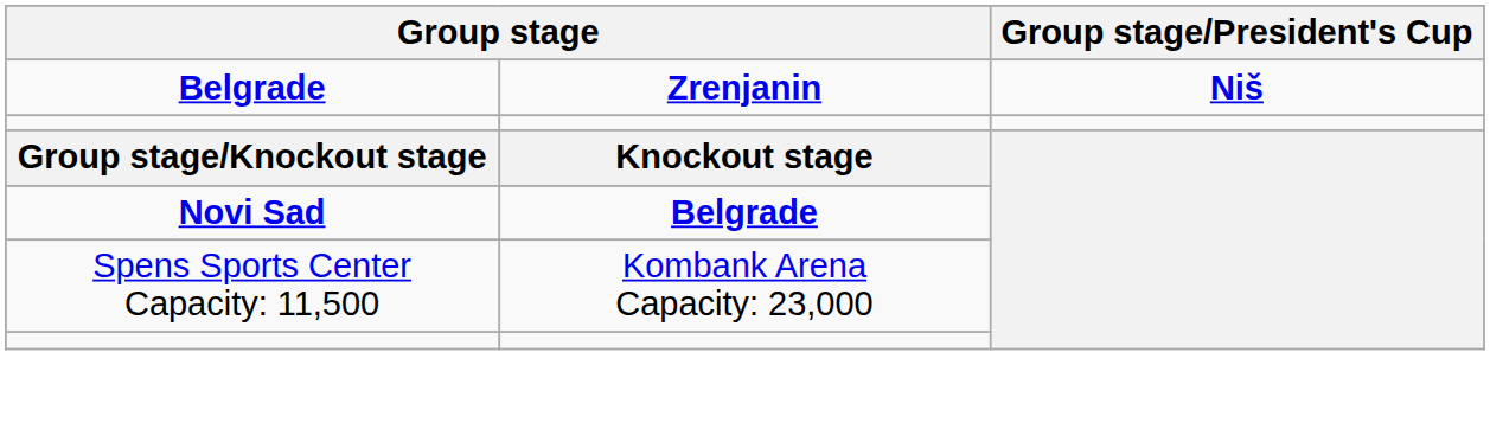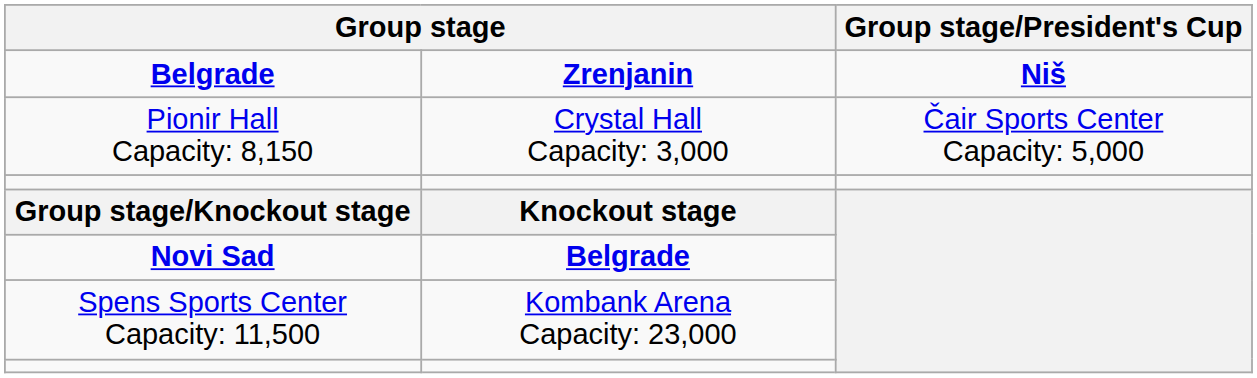 <table class="wikitable" style="text-align:center;">
 <tr>
 <th colspan=2>Group stage</th>
 <th>Group stage/President's Cup</th>
 </tr>
 <tr>
 <td width=33%><strong><a href='#'>Belgrade</a></strong></td>
 <td width=33%><strong><a href='#'>Zrenjanin</a></strong></td>
 <td width=33%><strong><a href='#'>Niš</a></strong></td>
+</tr>
+<tr>
+<td><a href='#'>Pionir Hall</a><br>Capacity: 8,150</td>
+<td><a href='#'>Crystal Hall</a><br>Capacity: 3,000</td>
+<td><a href='#'>Čair Sports Center</a><br>Capacity: 5,000</td>
 </tr>
 <tr>
 <td></td>
 <td></td>
 <td></td>
 </tr>
 <tr>
 <th>Group stage/Knockout stage</th>
 <th>Knockout stage</th>
 <th rowspan=4 width=16%><div><br>         </div></th>
 </tr>
 <tr>
 <td width=16%><strong><a href='#'>Novi Sad</a></strong></td>
 <td width=16%><strong><a href='#'>Belgrade</a></strong></td>
 </tr>
 <tr>
 <td><a href='#'>Spens Sports Center</a><br>Capacity: 11,500</td>
 <td><a href='#'>Kombank Arena</a><br>Capacity: 23,000</td>
 </tr>
 <tr>
 <td></td>
 <td></td>
 </tr>
 </table>
